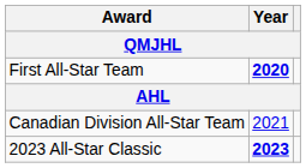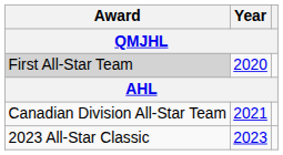 <table class="wikitable">
 <tr>
 <th>Award</th>
 <th>Year</th>
 <th></th>
 </tr>
 <tr ALIGN="center" bgcolor="#e0e0e0">
 <th colspan="3"><a href='#'>QMJHL</a></th>
 </tr>
 <tr>
-<td>First All-Star Team</td>
-<td><strong><a href='#'>2020</a></strong></td>
+<td style="background: lightgrey;">First All-Star Team</td>
+<td><a href='#'>2020</a></td>
 <td></td>
 </tr>
 <tr ALIGN="center" bgcolor="#e0e0e0">
 <th colspan="3"><a href='#'>AHL</a></th>
 </tr>
 <tr>
 <td>Canadian Division All-Star Team</td>
 <td><a href='#'>2021</a></td>
 <td></td>
 </tr>
 <tr>
 <td>2023 All-Star Classic</td>
-<td><strong><a href='#'>2023</a></strong></td>
+<td><a href='#'>2023</a></td>
 <td></td>
 </tr>
 </table>
